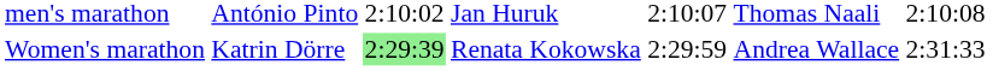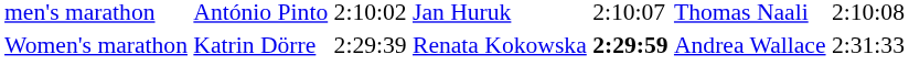 <table>
 <tr>
 <td><a href='#'>men's marathon</a></td>
 <td> <a href='#'>António Pinto</a></td>
 <td>2:10:02</td>
 <td> <a href='#'>Jan Huruk</a></td>
 <td>2:10:07</td>
 <td> <a href='#'>Thomas Naali</a></td>
 <td>2:10:08</td>
 </tr>
 <tr>
 <td><a href='#'>Women's marathon</a></td>
 <td> <a href='#'>Katrin Dörre</a></td>
-<td style="background: lightgreen;">2:29:39</td>
+<td>2:29:39</td>
 <td> <a href='#'>Renata Kokowska</a></td>
-<td>2:29:59</td>
+<td><strong>2:29:59</strong></td>
 <td><a href='#'>Andrea Wallace</a></td>
 <td>2:31:33</td>
 </tr>
 </table>
